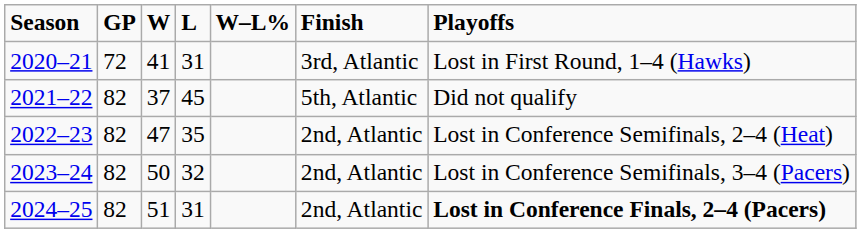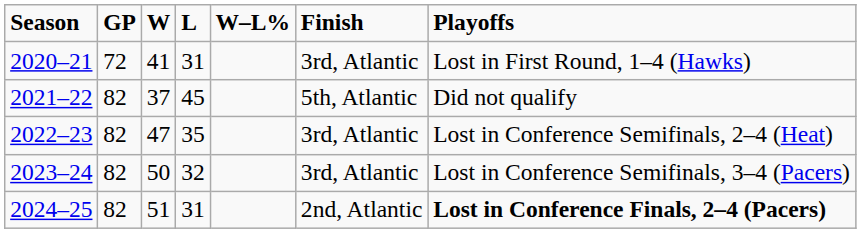 <table class="wikitable">
 <tr style="font-weight:bold; ">
 <td>Season</td>
 <td>GP</td>
 <td>W</td>
 <td>L</td>
 <td>W–L%</td>
 <td>Finish</td>
 <td>Playoffs</td>
 </tr>
 <tr>
 <td><a href='#'>2020–21</a></td>
 <td>72</td>
 <td>41</td>
 <td>31</td>
 <td></td>
 <td>3rd, Atlantic</td>
 <td>Lost in First Round, 1–4 (<a href='#'>Hawks</a>)</td>
 </tr>
 <tr>
 <td><a href='#'>2021–22</a></td>
 <td>82</td>
 <td>37</td>
 <td>45</td>
 <td></td>
 <td>5th, Atlantic</td>
 <td>Did not qualify</td>
 </tr>
 <tr>
 <td><a href='#'>2022–23</a></td>
 <td>82</td>
 <td>47</td>
 <td>35</td>
 <td></td>
-<td>2nd, Atlantic</td>
+<td>3rd, Atlantic</td>
 <td>Lost in Conference Semifinals, 2–4 (<a href='#'>Heat</a>)</td>
 </tr>
 <tr>
 <td><a href='#'>2023–24</a></td>
 <td>82</td>
 <td>50</td>
 <td>32</td>
 <td></td>
-<td>2nd, Atlantic</td>
+<td>3rd, Atlantic</td>
 <td>Lost in Conference Semifinals, 3–4 (<a href='#'>Pacers</a>)</td>
 </tr>
 <tr>
 <td><a href='#'>2024–25</a></td>
 <td>82</td>
 <td>51</td>
 <td>31</td>
 <td></td>
 <td>2nd, Atlantic</td>
 <td><strong>Lost in Conference Finals, 2–4 (Pacers)</strong></td>
 </tr>
 </table>
